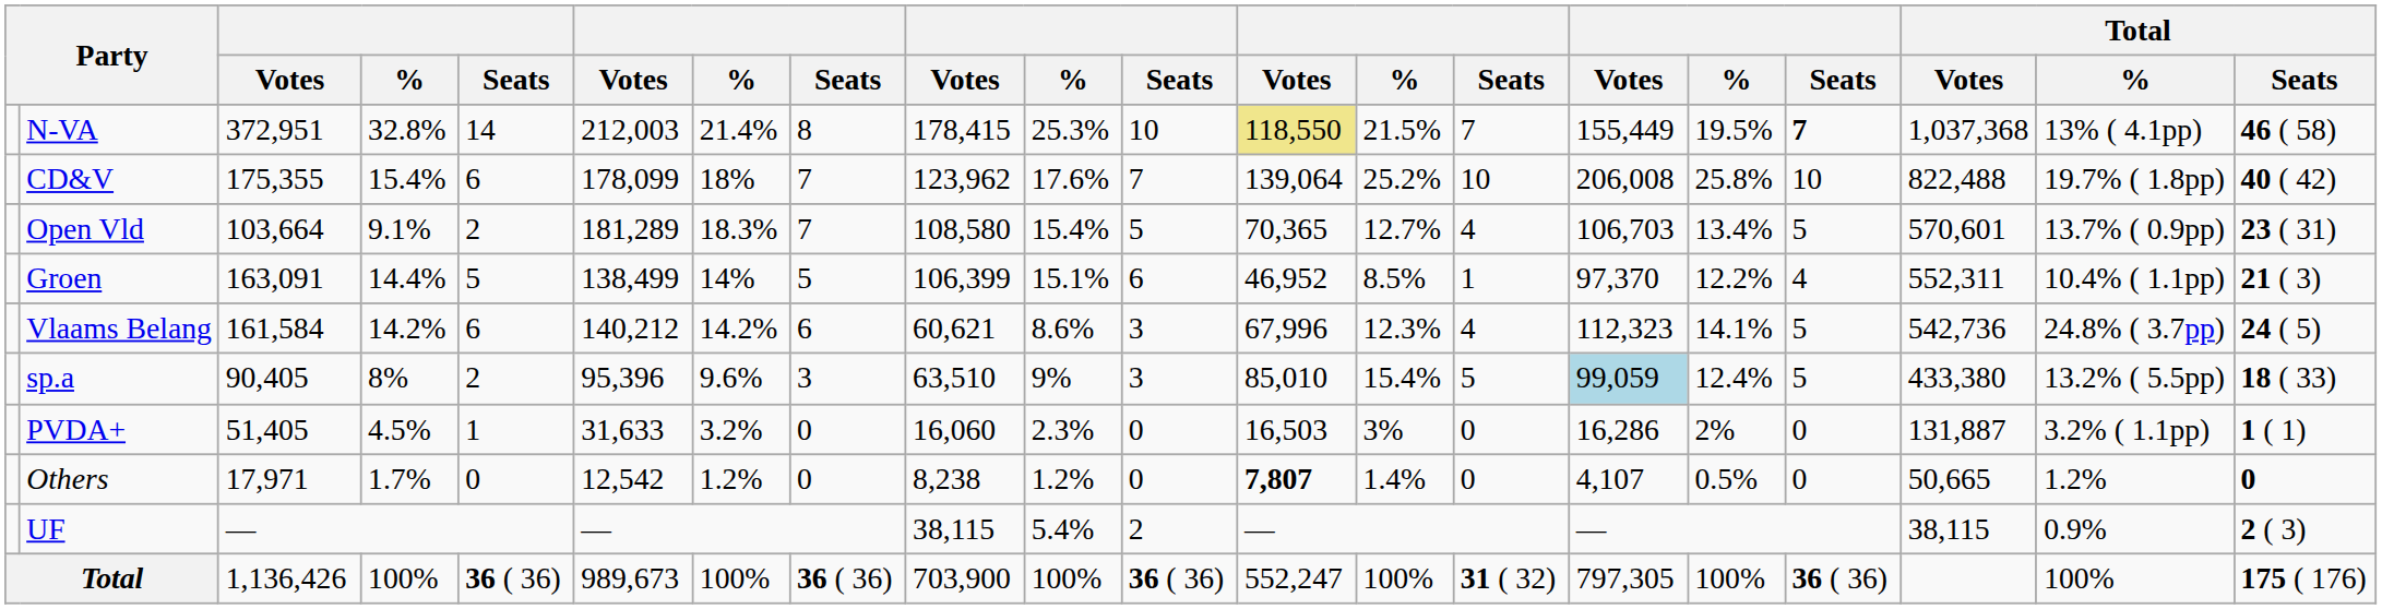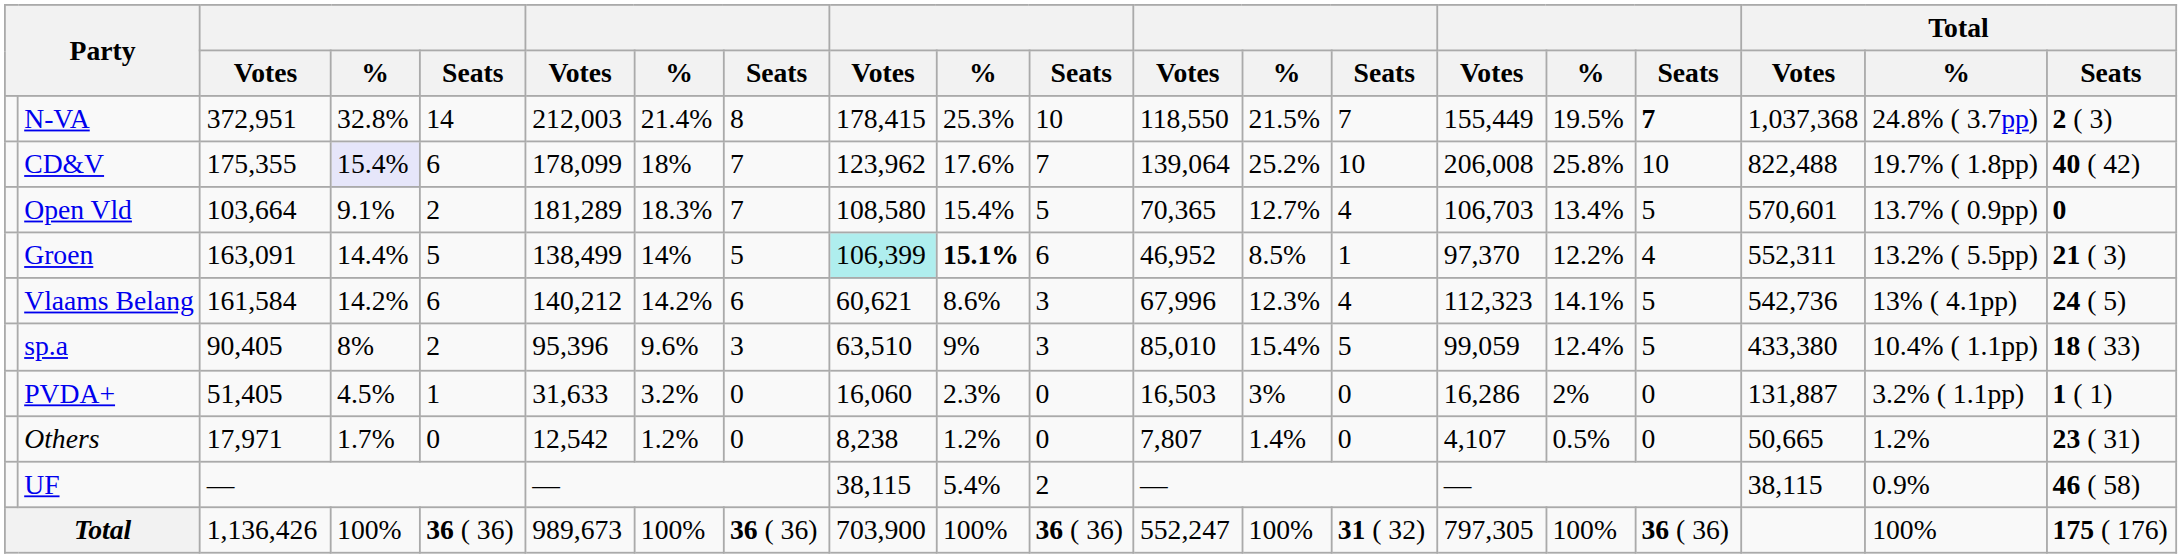 <table class="wikitable sortable" style="font-size:95%;">
 <tr>
 <th style="width:9%;" colspan="2" rowspan="2">Party</th>
 <th style="width:15%;" colspan="3"></th>
 <th style="width:14%;" colspan="3"></th>
 <th style="width:14%;" colspan="3"></th>
 <th style="width:14%;" colspan="3"></th>
 <th style="width:14%;" colspan="3"></th>
 <th style="width:20%;" colspan="3">Total</th>
 </tr>
 <tr>
 <th>Votes</th>
 <th>%</th>
 <th>Seats</th>
 <th>Votes</th>
 <th>%</th>
 <th>Seats</th>
 <th>Votes</th>
 <th>%</th>
 <th>Seats</th>
 <th>Votes</th>
 <th>%</th>
 <th>Seats</th>
 <th>Votes</th>
 <th>%</th>
 <th>Seats</th>
 <th>Votes</th>
 <th>%</th>
 <th>Seats</th>
 </tr>
 <tr>
 <td style="background-color: "></td>
 <td><a href='#'>N-VA</a></td>
 <td>372,951</td>
 <td>32.8%</td>
 <td>14</td>
 <td>212,003</td>
 <td>21.4%</td>
 <td>8</td>
 <td>178,415</td>
 <td>25.3%</td>
 <td>10</td>
-<td style="background: khaki;">118,550</td>
+<td>118,550</td>
 <td>21.5%</td>
 <td>7</td>
 <td>155,449</td>
 <td>19.5%</td>
 <td><strong>7</strong></td>
 <td>1,037,368</td>
-<td>13% ( 4.1pp)</td>
-<td><strong>46</strong> ( 58)</td>
+<td>24.8% ( 3.7<a href='#'>pp</a>)</td>
+<td><strong>2</strong> ( 3)</td>
 </tr>
 <tr>
 <td style="background-color: "></td>
 <td><a href='#'>CD&V</a></td>
 <td>175,355</td>
-<td>15.4%</td>
+<td style="background: lavender;">15.4%</td>
 <td>6</td>
 <td>178,099</td>
 <td>18%</td>
 <td>7</td>
 <td>123,962</td>
 <td>17.6%</td>
 <td>7</td>
 <td>139,064</td>
 <td>25.2%</td>
 <td>10</td>
 <td>206,008</td>
 <td>25.8%</td>
 <td>10</td>
 <td>822,488</td>
 <td>19.7% ( 1.8pp)</td>
 <td><strong>40</strong> ( 42)</td>
 </tr>
 <tr>
 <td style="background-color: "></td>
 <td><a href='#'>Open Vld</a></td>
 <td>103,664</td>
 <td>9.1%</td>
 <td>2</td>
 <td>181,289</td>
 <td>18.3%</td>
 <td>7</td>
 <td>108,580</td>
 <td>15.4%</td>
 <td>5</td>
 <td>70,365</td>
 <td>12.7%</td>
 <td>4</td>
 <td>106,703</td>
 <td>13.4%</td>
 <td>5</td>
 <td>570,601</td>
 <td>13.7% ( 0.9pp)</td>
-<td><strong>23</strong> ( 31)</td>
+<td><strong>0</strong></td>
 </tr>
 <tr>
 <td style="background-color: "></td>
 <td><a href='#'>Groen</a></td>
 <td>163,091</td>
 <td>14.4%</td>
 <td>5</td>
 <td>138,499</td>
 <td>14%</td>
 <td>5</td>
-<td>106,399</td>
-<td>15.1%</td>
+<td style="background: paleturquoise;">106,399</td>
+<td><strong>15.1%</strong></td>
 <td>6</td>
 <td>46,952</td>
 <td>8.5%</td>
 <td>1</td>
 <td>97,370</td>
 <td>12.2%</td>
 <td>4</td>
 <td>552,311</td>
-<td>10.4% ( 1.1pp)</td>
+<td>13.2% ( 5.5pp)</td>
 <td><strong>21</strong> ( 3)</td>
 </tr>
 <tr>
 <td style="background-color: "></td>
 <td><a href='#'>Vlaams Belang</a></td>
 <td>161,584</td>
 <td>14.2%</td>
 <td>6</td>
 <td>140,212</td>
 <td>14.2%</td>
 <td>6</td>
 <td>60,621</td>
 <td>8.6%</td>
 <td>3</td>
 <td>67,996</td>
 <td>12.3%</td>
 <td>4</td>
 <td>112,323</td>
 <td>14.1%</td>
 <td>5</td>
 <td>542,736</td>
-<td>24.8% ( 3.7<a href='#'>pp</a>)</td>
+<td>13% ( 4.1pp)</td>
 <td><strong>24</strong> ( 5)</td>
 </tr>
 <tr>
 <td style="background-color: "></td>
 <td><a href='#'>sp.a</a></td>
 <td>90,405</td>
 <td>8%</td>
 <td>2</td>
 <td>95,396</td>
 <td>9.6%</td>
 <td>3</td>
 <td>63,510</td>
 <td>9%</td>
 <td>3</td>
 <td>85,010</td>
 <td>15.4%</td>
 <td>5</td>
-<td style="background: lightblue;">99,059</td>
+<td>99,059</td>
 <td>12.4%</td>
 <td>5</td>
 <td>433,380</td>
-<td>13.2% ( 5.5pp)</td>
+<td>10.4% ( 1.1pp)</td>
 <td><strong>18</strong> ( 33)</td>
 </tr>
 <tr>
 <td style="background-color: "></td>
 <td><a href='#'>PVDA+</a></td>
 <td>51,405</td>
 <td>4.5%</td>
 <td>1</td>
 <td>31,633</td>
 <td>3.2%</td>
 <td>0</td>
 <td>16,060</td>
 <td>2.3%</td>
 <td>0</td>
 <td>16,503</td>
 <td>3%</td>
 <td>0</td>
 <td>16,286</td>
 <td>2%</td>
 <td>0</td>
 <td>131,887</td>
 <td>3.2% ( 1.1pp)</td>
 <td><strong>1</strong> ( 1)</td>
 </tr>
 <tr>
 <td></td>
 <td><em>Others</em></td>
 <td>17,971</td>
 <td>1.7%</td>
 <td>0</td>
 <td>12,542</td>
 <td>1.2%</td>
 <td>0</td>
 <td>8,238</td>
 <td>1.2%</td>
 <td>0</td>
-<td><strong>7,807</strong></td>
+<td>7,807</td>
 <td>1.4%</td>
 <td>0</td>
 <td>4,107</td>
 <td>0.5%</td>
 <td>0</td>
 <td>50,665</td>
 <td>1.2%</td>
-<td><strong>0</strong></td>
+<td><strong>23</strong> ( 31)</td>
 </tr>
 <tr>
 <td style="background-color: "></td>
 <td><a href='#'>UF</a></td>
 <td colspan="3">—</td>
 <td colspan="3">—</td>
 <td>38,115</td>
 <td>5.4%</td>
 <td>2</td>
 <td colspan="3">—</td>
 <td colspan="3">—</td>
 <td>38,115</td>
 <td>0.9%</td>
-<td><strong>2</strong> ( 3)</td>
+<td><strong>46</strong> ( 58)</td>
 </tr>
 <tr>
 <th colspan="2"><em>Total</em></th>
 <td>1,136,426</td>
 <td>100%</td>
 <td><strong>36</strong> ( 36)</td>
 <td>989,673</td>
 <td>100%</td>
 <td><strong>36</strong> ( 36)</td>
 <td>703,900</td>
 <td>100%</td>
 <td><strong>36</strong> ( 36)</td>
 <td>552,247</td>
 <td>100%</td>
 <td><strong>31</strong> ( 32)</td>
 <td>797,305</td>
 <td>100%</td>
 <td><strong>36</strong> ( 36)</td>
 <td></td>
 <td>100%</td>
 <td><strong>175</strong> ( 176)</td>
 </tr>
 </table>
